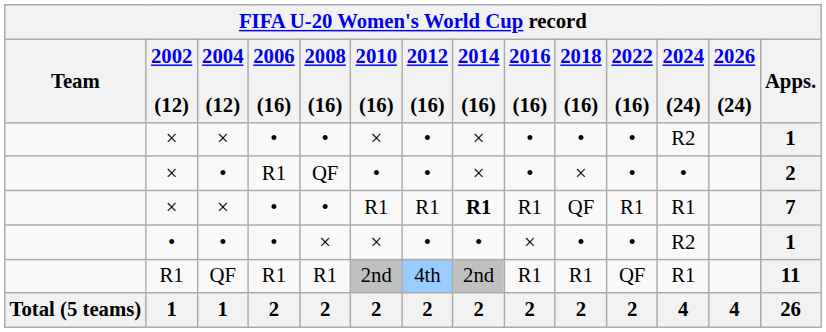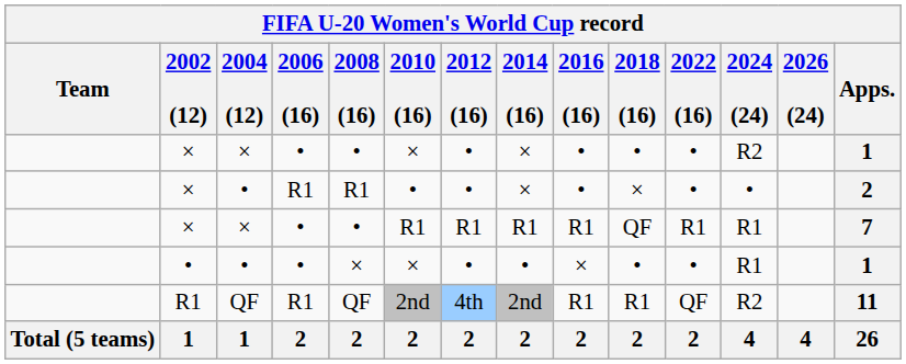 <table class="wikitable" style="text-align:center; font-size:90%">
 <tr style="background:#cccccc;" align=center>
 <th colspan=14><a href='#'>FIFA U-20 Women's World Cup</a> record</th>
 </tr>
 <tr>
 <th>Team</th>
 <th><a href='#'>2002</a><br><br>(12)</th>
 <th><a href='#'>2004</a><br><br>(12)</th>
 <th><a href='#'>2006</a><br><br>(16)</th>
 <th><a href='#'>2008</a><br><br>(16)</th>
 <th><a href='#'>2010</a><br><br>(16)</th>
 <th><a href='#'>2012</a><br><br>(16)</th>
 <th><a href='#'>2014</a><br><br>(16)</th>
 <th><a href='#'>2016</a><br><br>(16)</th>
 <th><a href='#'>2018</a><br><br>(16)</th>
 <th><a href='#'>2022</a><br><br>(16)</th>
 <th><a href='#'>2024</a><br><br>(24)</th>
 <th><a href='#'>2026</a><br><br>(24)</th>
 <th>Apps.</th>
 </tr>
 <tr align=center>
 <td align=left></td>
 <td>×</td>
 <td>×</td>
 <td>•</td>
 <td>•</td>
 <td>×</td>
 <td>•</td>
 <td>×</td>
 <td>•</td>
 <td>•</td>
 <td>•</td>
 <td>R2</td>
 <td></td>
 <th>1</th>
 </tr>
 <tr align=center>
 <td align=left></td>
 <td>×</td>
 <td>•</td>
 <td>R1</td>
-<td>QF</td>
+<td>R1</td>
 <td>•</td>
 <td>•</td>
 <td>×</td>
 <td>•</td>
 <td>×</td>
 <td>•</td>
 <td>•</td>
 <td></td>
 <th>2</th>
 </tr>
 <tr align=center>
 <td align=left></td>
 <td>×</td>
 <td>×</td>
 <td>•</td>
 <td>•</td>
 <td>R1</td>
 <td>R1</td>
-<td><strong>R1</strong></td>
+<td>R1</td>
 <td>R1</td>
 <td>QF</td>
 <td>R1</td>
 <td>R1</td>
 <td></td>
 <th>7</th>
 </tr>
 <tr align=center>
 <td align=left></td>
 <td>•</td>
 <td>•</td>
 <td>•</td>
 <td>×</td>
 <td>×</td>
 <td>•</td>
 <td>•</td>
 <td>×</td>
 <td>•</td>
 <td>•</td>
-<td>R2</td>
+<td>R1</td>
 <td></td>
 <th>1</th>
 </tr>
 <tr align=center>
 <td align=left></td>
 <td>R1</td>
 <td>QF</td>
 <td>R1</td>
-<td>R1</td>
+<td>QF</td>
 <td bgcolor=silver>2nd</td>
 <td bgcolor=#9acdff>4th</td>
 <td bgcolor=silver>2nd</td>
 <td>R1</td>
 <td>R1</td>
 <td>QF</td>
-<td>R1</td>
+<td>R2</td>
 <td></td>
 <th>11</th>
 </tr>
 <tr align=center>
 <th align=left>Total (5 teams)</th>
 <th>1</th>
 <th>1</th>
 <th>2</th>
 <th>2</th>
 <th>2</th>
 <th>2</th>
 <th>2</th>
 <th>2</th>
 <th>2</th>
 <th>2</th>
 <th>4</th>
 <th>4</th>
 <th>26</th>
 </tr>
 </table>
